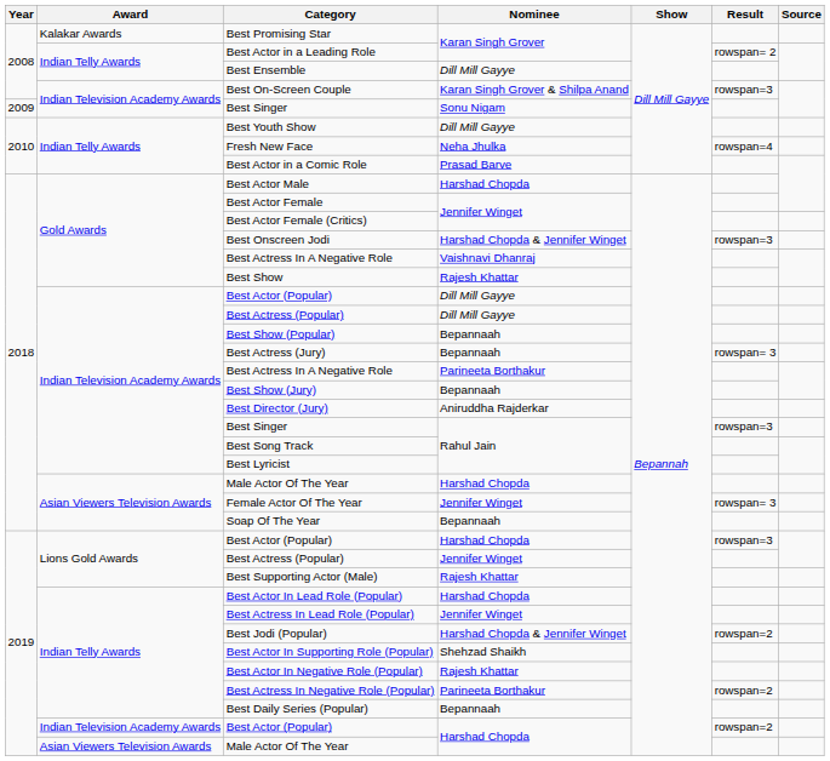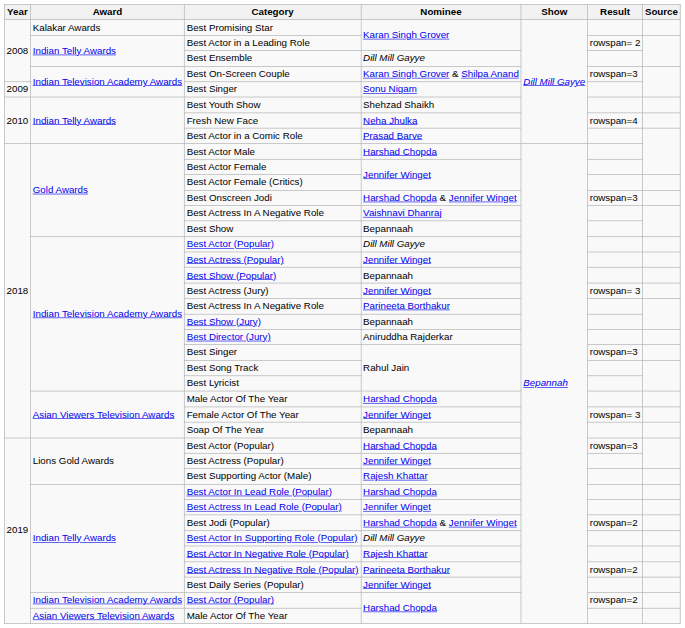 <table class="wikitable">
 <tr>
 <th>Year</th>
 <th>Award</th>
 <th>Category</th>
 <th>Nominee</th>
 <th>Show</th>
 <th>Result</th>
 <th>Source</th>
 </tr>
 <tr>
 <td rowspan=4>2008</td>
 <td>Kalakar Awards</td>
 <td>Best Promising Star</td>
 <td rowspan=2><a href='#'>Karan Singh Grover</a></td>
 <td rowspan=8><em><a href='#'>Dill Mill Gayye</a></em></td>
 <td></td>
 <td></td>
 </tr>
 <tr>
 <td rowspan=2><a href='#'>Indian Telly Awards</a></td>
 <td>Best Actor in a Leading Role</td>
 <td>rowspan= 2 </td>
 <td rowspan=2></td>
 </tr>
 <tr>
 <td>Best Ensemble</td>
 <td><em>Dill Mill Gayye</em></td>
 </tr>
 <tr>
 <td rowspan=2><a href='#'>Indian Television Academy Awards</a></td>
 <td>Best On-Screen Couple</td>
 <td><a href='#'>Karan Singh Grover</a> & <a href='#'>Shilpa Anand</a></td>
 <td>rowspan=3 </td>
 <td rowspan=2></td>
 </tr>
 <tr>
 <td>2009</td>
 <td>Best Singer</td>
 <td><a href='#'>Sonu Nigam</a></td>
 </tr>
 <tr>
 <td rowspan=3>2010</td>
 <td rowspan=3><a href='#'>Indian Telly Awards</a></td>
 <td>Best Youth Show</td>
-<td><em>Dill Mill Gayye</em></td>
+<td>Shehzad Shaikh</td>
 <td></td>
 </tr>
 <tr>
 <td>Fresh New Face</td>
 <td><a href='#'>Neha Jhulka</a></td>
 <td>rowspan=4 </td>
 <td></td>
 </tr>
 <tr>
 <td>Best Actor in a Comic Role</td>
 <td><a href='#'>Prasad Barve</a></td>
 <td></td>
 </tr>
 <tr>
 <td rowspan=19>2018</td>
 <td rowspan=6><a href='#'>Gold Awards</a></td>
 <td>Best Actor Male</td>
 <td><a href='#'>Harshad Chopda</a></td>
 <td rowspan=31><em><a href='#'>Bepannah</a></em></td>
 <td></td>
 </tr>
 <tr>
 <td>Best Actor Female</td>
 <td rowspan=2><a href='#'>Jennifer Winget</a></td>
 <td></td>
 </tr>
 <tr>
 <td>Best Actor Female (Critics)</td>
 <td></td>
 <td></td>
 </tr>
 <tr>
 <td>Best Onscreen Jodi</td>
 <td><a href='#'>Harshad Chopda</a> & <a href='#'>Jennifer Winget</a></td>
 <td>rowspan=3 </td>
 <td></td>
 </tr>
 <tr>
 <td>Best Actress In A Negative Role</td>
 <td><a href='#'>Vaishnavi Dhanraj</a></td>
 <td></td>
 </tr>
 <tr>
 <td>Best Show</td>
-<td><a href='#'>Rajesh Khattar</a></td>
+<td>Bepannaah</td>
 <td></td>
 </tr>
 <tr>
 <td rowspan=10><a href='#'>Indian Television Academy Awards</a></td>
 <td><a href='#'>Best Actor (Popular)</a></td>
 <td><em>Dill Mill Gayye</em></td>
 <td></td>
 <td></td>
 </tr>
 <tr>
 <td><a href='#'>Best Actress (Popular)</a></td>
-<td><em>Dill Mill Gayye</em></td>
+<td><a href='#'>Jennifer Winget</a></td>
 <td></td>
 <td></td>
 </tr>
 <tr>
 <td><a href='#'>Best Show (Popular)</a></td>
 <td>Bepannaah</td>
 <td></td>
 <td></td>
 </tr>
 <tr>
 <td>Best Actress (Jury)</td>
-<td>Bepannaah</td>
+<td><a href='#'>Jennifer Winget</a></td>
 <td>rowspan= 3 </td>
 <td></td>
 </tr>
 <tr>
 <td>Best Actress In A Negative Role</td>
 <td><a href='#'>Parineeta Borthakur</a></td>
 <td></td>
 </tr>
 <tr>
 <td><a href='#'>Best Show (Jury)</a></td>
 <td>Bepannaah</td>
 <td></td>
 </tr>
 <tr>
 <td><a href='#'>Best Director (Jury)</a></td>
 <td>Aniruddha Rajderkar</td>
 <td></td>
 <td></td>
 </tr>
 <tr>
 <td>Best Singer</td>
 <td rowspan=3>Rahul Jain</td>
 <td>rowspan=3 </td>
 <td></td>
 </tr>
 <tr>
 <td>Best Song Track</td>
 <td></td>
 </tr>
 <tr>
 <td>Best Lyricist</td>
 <td></td>
 </tr>
 <tr>
 <td rowspan=3><a href='#'>Asian Viewers Television Awards</a></td>
 <td>Male Actor Of The Year</td>
 <td><a href='#'>Harshad Chopda</a></td>
 <td></td>
 <td></td>
 </tr>
 <tr>
 <td>Female Actor Of The Year</td>
 <td><a href='#'>Jennifer Winget</a></td>
 <td>rowspan= 3 </td>
 <td></td>
 </tr>
 <tr>
 <td>Soap Of The Year</td>
 <td>Bepannaah</td>
 <td></td>
 </tr>
 <tr>
 <td rowspan=12>2019</td>
 <td rowspan=3>Lions Gold Awards</td>
 <td>Best Actor (Popular)</td>
 <td><a href='#'>Harshad Chopda</a></td>
 <td>rowspan=3 </td>
 <td rowspan=2></td>
 </tr>
 <tr>
 <td>Best Actress (Popular)</td>
 <td><a href='#'>Jennifer Winget</a></td>
 </tr>
 <tr>
 <td>Best Supporting Actor (Male)</td>
 <td><a href='#'>Rajesh Khattar</a></td>
 <td></td>
 </tr>
 <tr>
 <td rowspan=7><a href='#'>Indian Telly Awards</a></td>
 <td><a href='#'>Best Actor In Lead Role (Popular)</a></td>
 <td><a href='#'>Harshad Chopda</a></td>
 <td></td>
 <td></td>
 </tr>
 <tr>
 <td><a href='#'>Best Actress In Lead Role (Popular)</a></td>
 <td><a href='#'>Jennifer Winget</a></td>
 <td></td>
 <td></td>
 </tr>
 <tr>
 <td>Best Jodi (Popular)</td>
 <td><a href='#'>Harshad Chopda</a> & <a href='#'>Jennifer Winget</a></td>
 <td>rowspan=2 </td>
 <td></td>
 </tr>
 <tr>
 <td><a href='#'>Best Actor In Supporting Role (Popular)</a></td>
-<td>Shehzad Shaikh</td>
+<td><em>Dill Mill Gayye</em></td>
 <td></td>
 </tr>
 <tr>
 <td><a href='#'>Best Actor In Negative Role (Popular)</a></td>
 <td><a href='#'>Rajesh Khattar</a></td>
 <td></td>
 <td></td>
 </tr>
 <tr>
 <td><a href='#'>Best Actress In Negative Role (Popular)</a></td>
 <td><a href='#'>Parineeta Borthakur</a></td>
 <td>rowspan=2 </td>
 <td></td>
 </tr>
 <tr>
 <td>Best Daily Series (Popular)</td>
-<td>Bepannaah</td>
+<td><a href='#'>Jennifer Winget</a></td>
 <td></td>
 </tr>
 <tr>
 <td><a href='#'>Indian Television Academy Awards</a></td>
 <td><a href='#'>Best Actor (Popular)</a></td>
 <td rowspan=2><a href='#'>Harshad Chopda</a></td>
 <td>rowspan=2 </td>
 <td></td>
 </tr>
 <tr>
 <td><a href='#'>Asian Viewers Television Awards</a></td>
 <td>Male Actor Of The Year</td>
 <td></td>
 </tr>
 </table>
